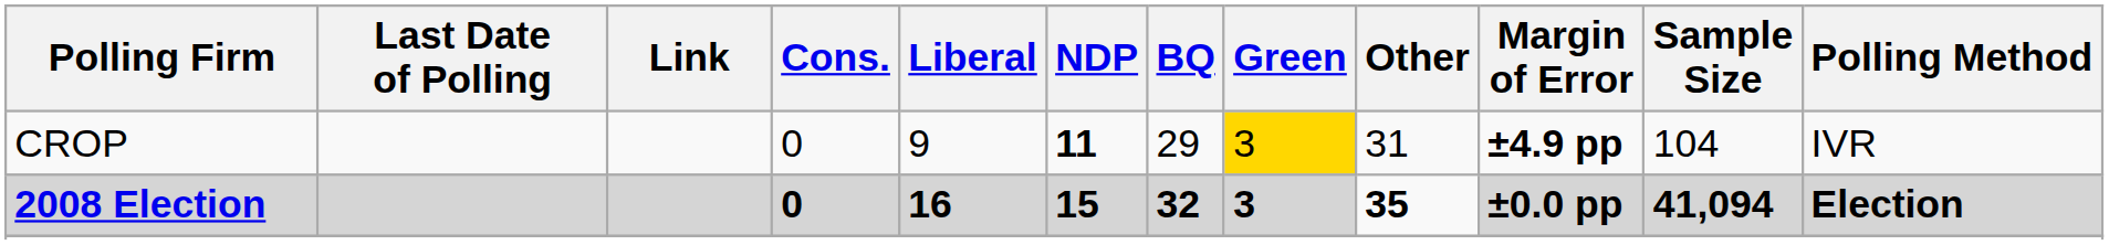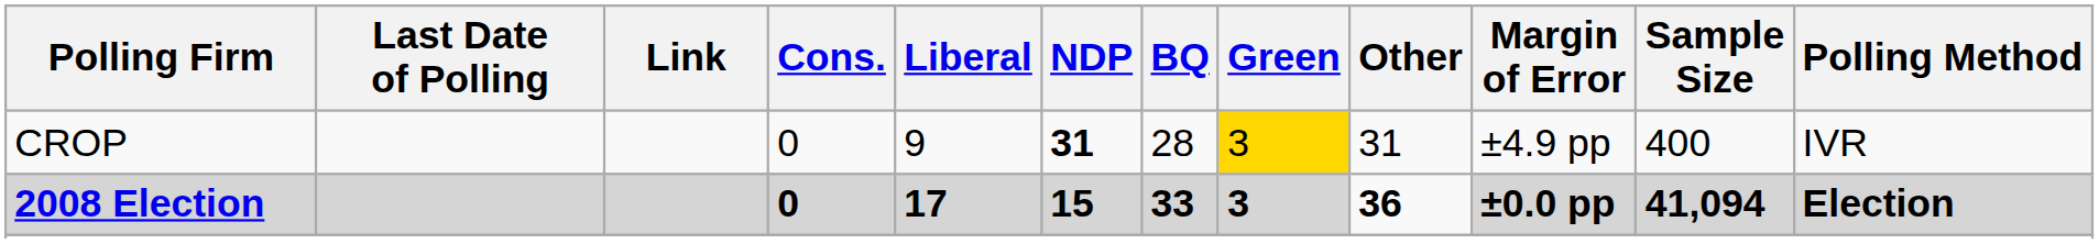 <table class="wikitable sortable">
 <tr style="background:#e9e9e9;">
 <th style="width:120px">Polling Firm</th>
 <th style="width:110px">Last Date<br>of Polling</th>
 <th style="width:60px" class="unsortable">Link</th>
 <th style="background-color:"><strong><a href='#'>Cons.</a></strong></th>
 <th style="background-color:"><strong><a href='#'>Liberal</a></strong></th>
 <th style="background-color:"><strong><a href='#'>NDP</a></strong></th>
 <th style="background-color:"><strong><a href='#'>BQ</a></strong></th>
 <th style="background-color:"><strong><a href='#'>Green</a></strong></th>
 <th style="background-color:"><strong>Other</strong></th>
 <th style="width:60px;" class=unsortable>Margin<br>of Error</th>
 <th style="width:50px;" class=unsortable>Sample<br>Size</th>
 <th class=unsortable>Polling Method</th>
 </tr>
 <tr>
 <td>CROP</td>
 <td></td>
 <td></td>
 <td>0</td>
 <td>9</td>
-<td><strong>11</strong></td>
-<td>29</td>
+<td><strong>31</strong></td>
+<td>28</td>
 <td style="background: gold;">3</td>
 <td>31</td>
-<td><strong>±4.9 pp</strong></td>
-<td>104</td>
+<td>±4.9 pp</td>
+<td>400</td>
 <td>IVR</td>
 </tr>
 <tr>
 <td style="background:#D5D5D5"><strong><a href='#'>2008 Election</a></strong></td>
 <td style="background:#D5D5D5"><strong></strong></td>
 <td style="background:#D5D5D5"></td>
 <td style="background:#D5D5D5"><strong>0</strong></td>
-<td style="background:#D5D5D5"><strong>16</strong></td>
+<td style="background:#D5D5D5"><strong>17</strong></td>
 <td style="background:#D5D5D5"><strong>15</strong></td>
-<td style="background:#D5D5D5"><strong>32</strong></td>
+<td style="background:#D5D5D5"><strong>33</strong></td>
 <td style="background:#D5D5D5"><strong>3</strong></td>
-<td><strong>35</strong></td>
+<td><strong>36</strong></td>
 <td style="background:#D5D5D5"><strong>±0.0 pp</strong></td>
 <td style="background:#D5D5D5"><strong>41,094</strong></td>
 <td style="background:#D5D5D5"><strong>Election</strong></td>
 </tr>
 <tr>
 </tr>
 <tr>
 </tr>
 </table>
